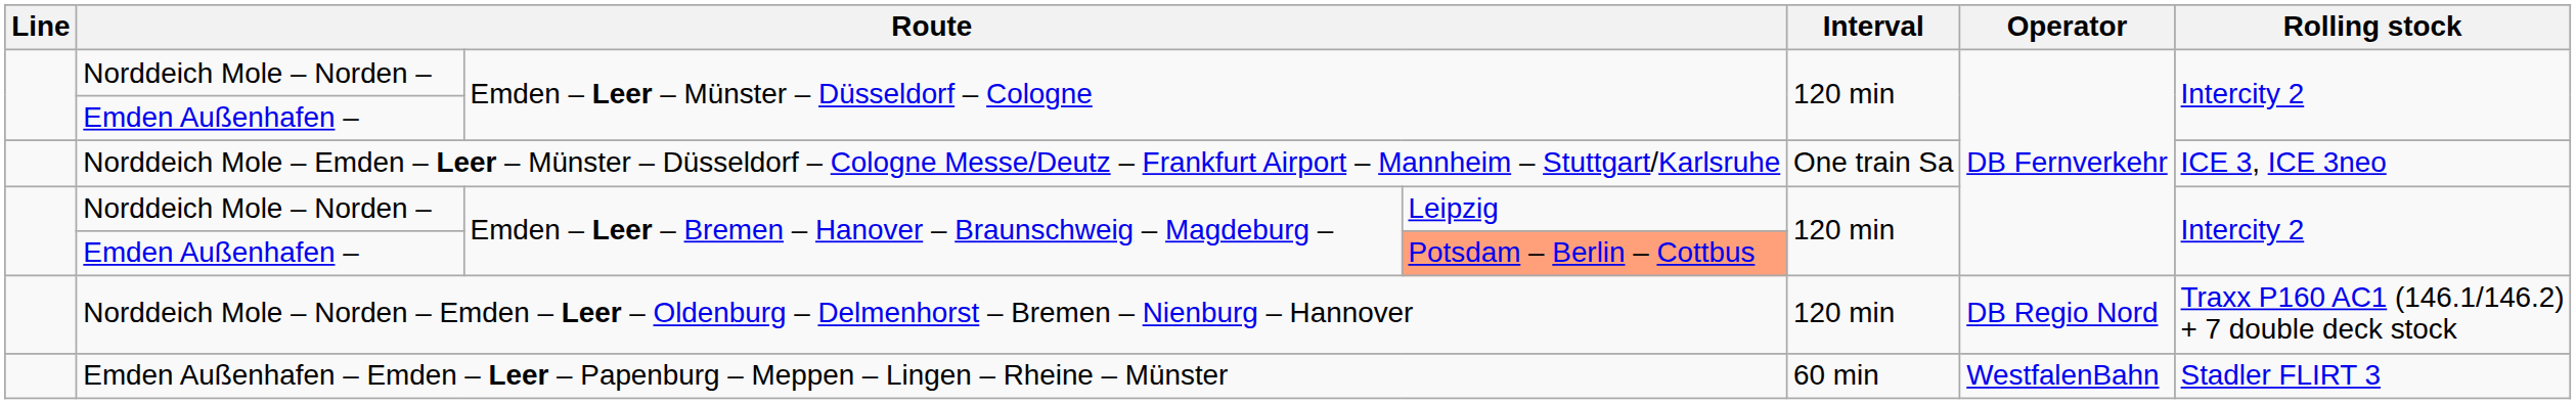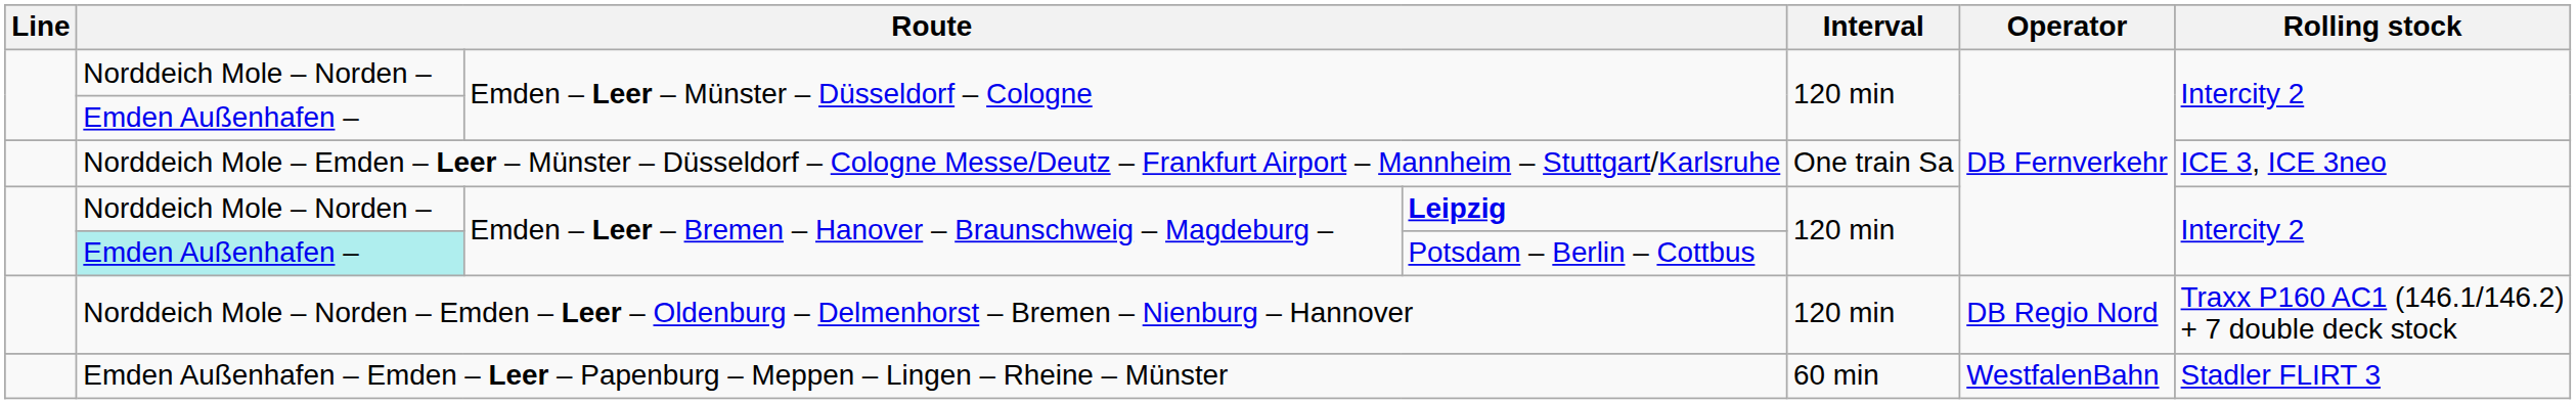 <table class="wikitable">
 <tr>
 <th>Line</th>
 <th colspan="3">Route</th>
 <th>Interval</th>
 <th>Operator</th>
 <th>Rolling stock</th>
 </tr>
 <tr>
 <td rowspan="2"></td>
 <td>Norddeich Mole – Norden –</td>
 <td colspan="2" rowspan="2">Emden – <strong>Leer</strong> – Münster – <a href='#'>Düsseldorf</a> – <a href='#'>Cologne</a></td>
 <td rowspan="2">120 min</td>
 <td rowspan="5"><a href='#'>DB Fernverkehr</a></td>
 <td rowspan="2"><a href='#'>Intercity 2</a></td>
 </tr>
 <tr>
 <td><a href='#'>Emden Außenhafen</a> –</td>
 </tr>
 <tr>
 <td></td>
 <td colspan="3">Norddeich Mole – Emden – <strong>Leer</strong> – Münster – Düsseldorf – <a href='#'>Cologne Messe/Deutz</a> – <a href='#'>Frankfurt Airport</a> – <a href='#'>Mannheim</a> – <a href='#'>Stuttgart</a>/<a href='#'>Karlsruhe</a></td>
 <td>One train Sa</td>
 <td><a href='#'>ICE 3</a>, <a href='#'>ICE 3neo</a></td>
 </tr>
 <tr>
 <td rowspan="2"></td>
 <td>Norddeich Mole – Norden –</td>
 <td rowspan="2">Emden – <strong>Leer</strong> – <a href='#'>Bremen</a> – <a href='#'>Hanover</a> – <a href='#'>Braunschweig</a> – <a href='#'>Magdeburg</a> –</td>
-<td><a href='#'>Leipzig</a></td>
+<td><strong><a href='#'>Leipzig</a></strong></td>
 <td rowspan="2">120 min</td>
 <td rowspan="2"><a href='#'>Intercity 2</a></td>
 </tr>
 <tr>
-<td><a href='#'>Emden Außenhafen</a> –</td>
-<td style="background: lightsalmon;"><a href='#'>Potsdam</a> – <a href='#'>Berlin</a> – <a href='#'>Cottbus</a></td>
+<td style="background: paleturquoise;"><a href='#'>Emden Außenhafen</a> –</td>
+<td><a href='#'>Potsdam</a> – <a href='#'>Berlin</a> – <a href='#'>Cottbus</a></td>
 </tr>
 <tr>
 <td></td>
 <td colspan="3">Norddeich Mole – Norden  – Emden – <strong>Leer</strong> – <a href='#'>Oldenburg</a> – <a href='#'>Delmenhorst</a> – Bremen – <a href='#'>Nienburg</a> – Hannover</td>
 <td>120 min</td>
 <td><a href='#'>DB Regio Nord</a></td>
 <td><a href='#'>Traxx P160 AC1</a> (146.1/146.2)<br>+ 7 double deck stock</td>
 </tr>
 <tr>
 <td></td>
 <td colspan="3">Emden Außenhafen – Emden – <strong>Leer</strong> – Papenburg – Meppen – Lingen – Rheine – Münster</td>
 <td>60 min</td>
 <td><a href='#'>WestfalenBahn</a></td>
 <td><a href='#'>Stadler FLIRT 3</a></td>
 </tr>
 </table>
